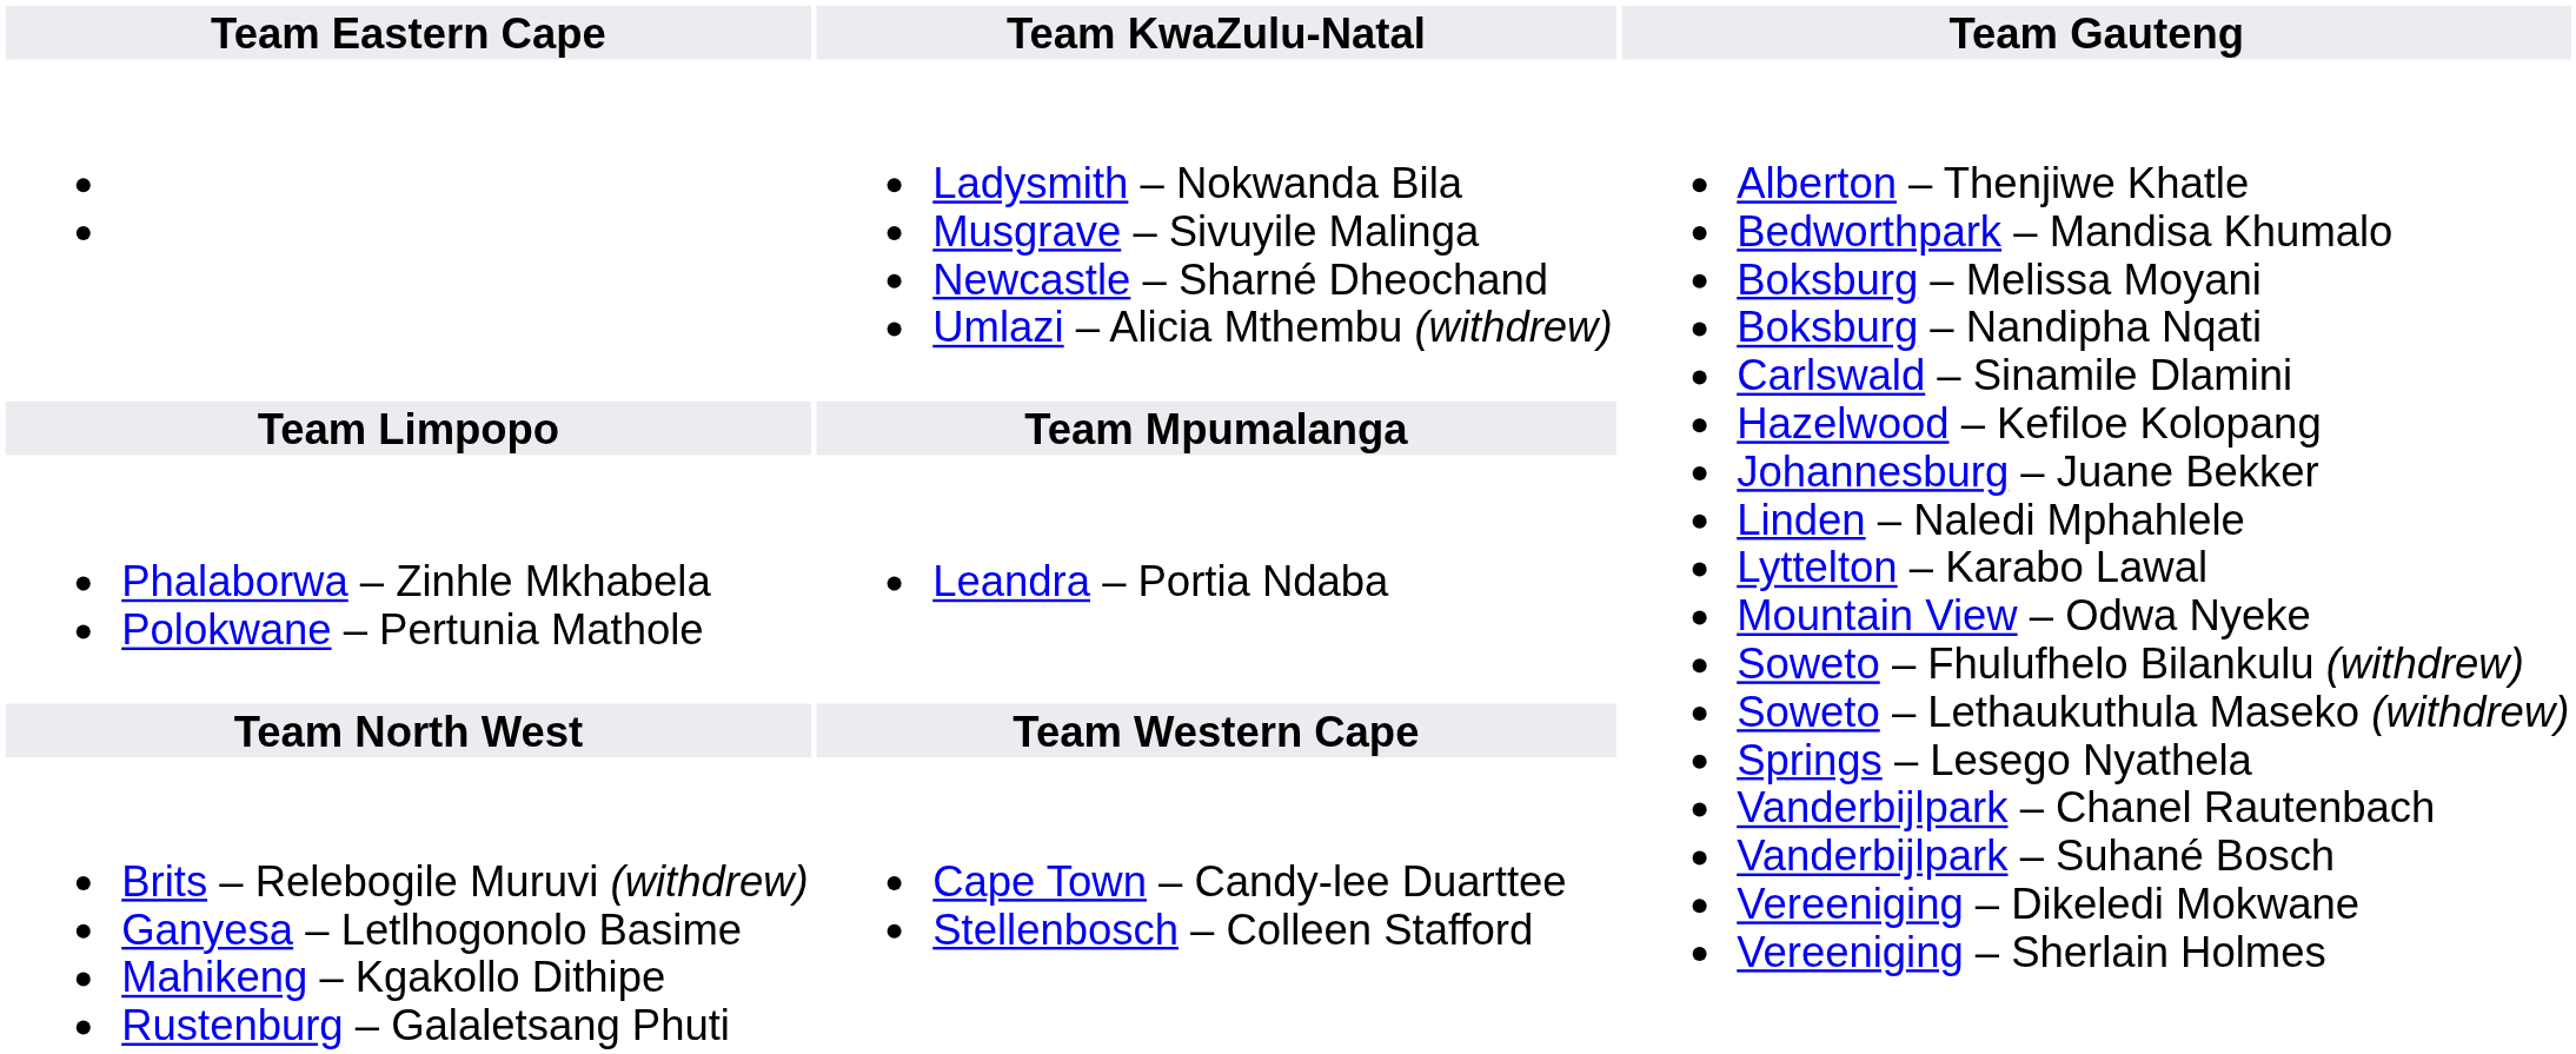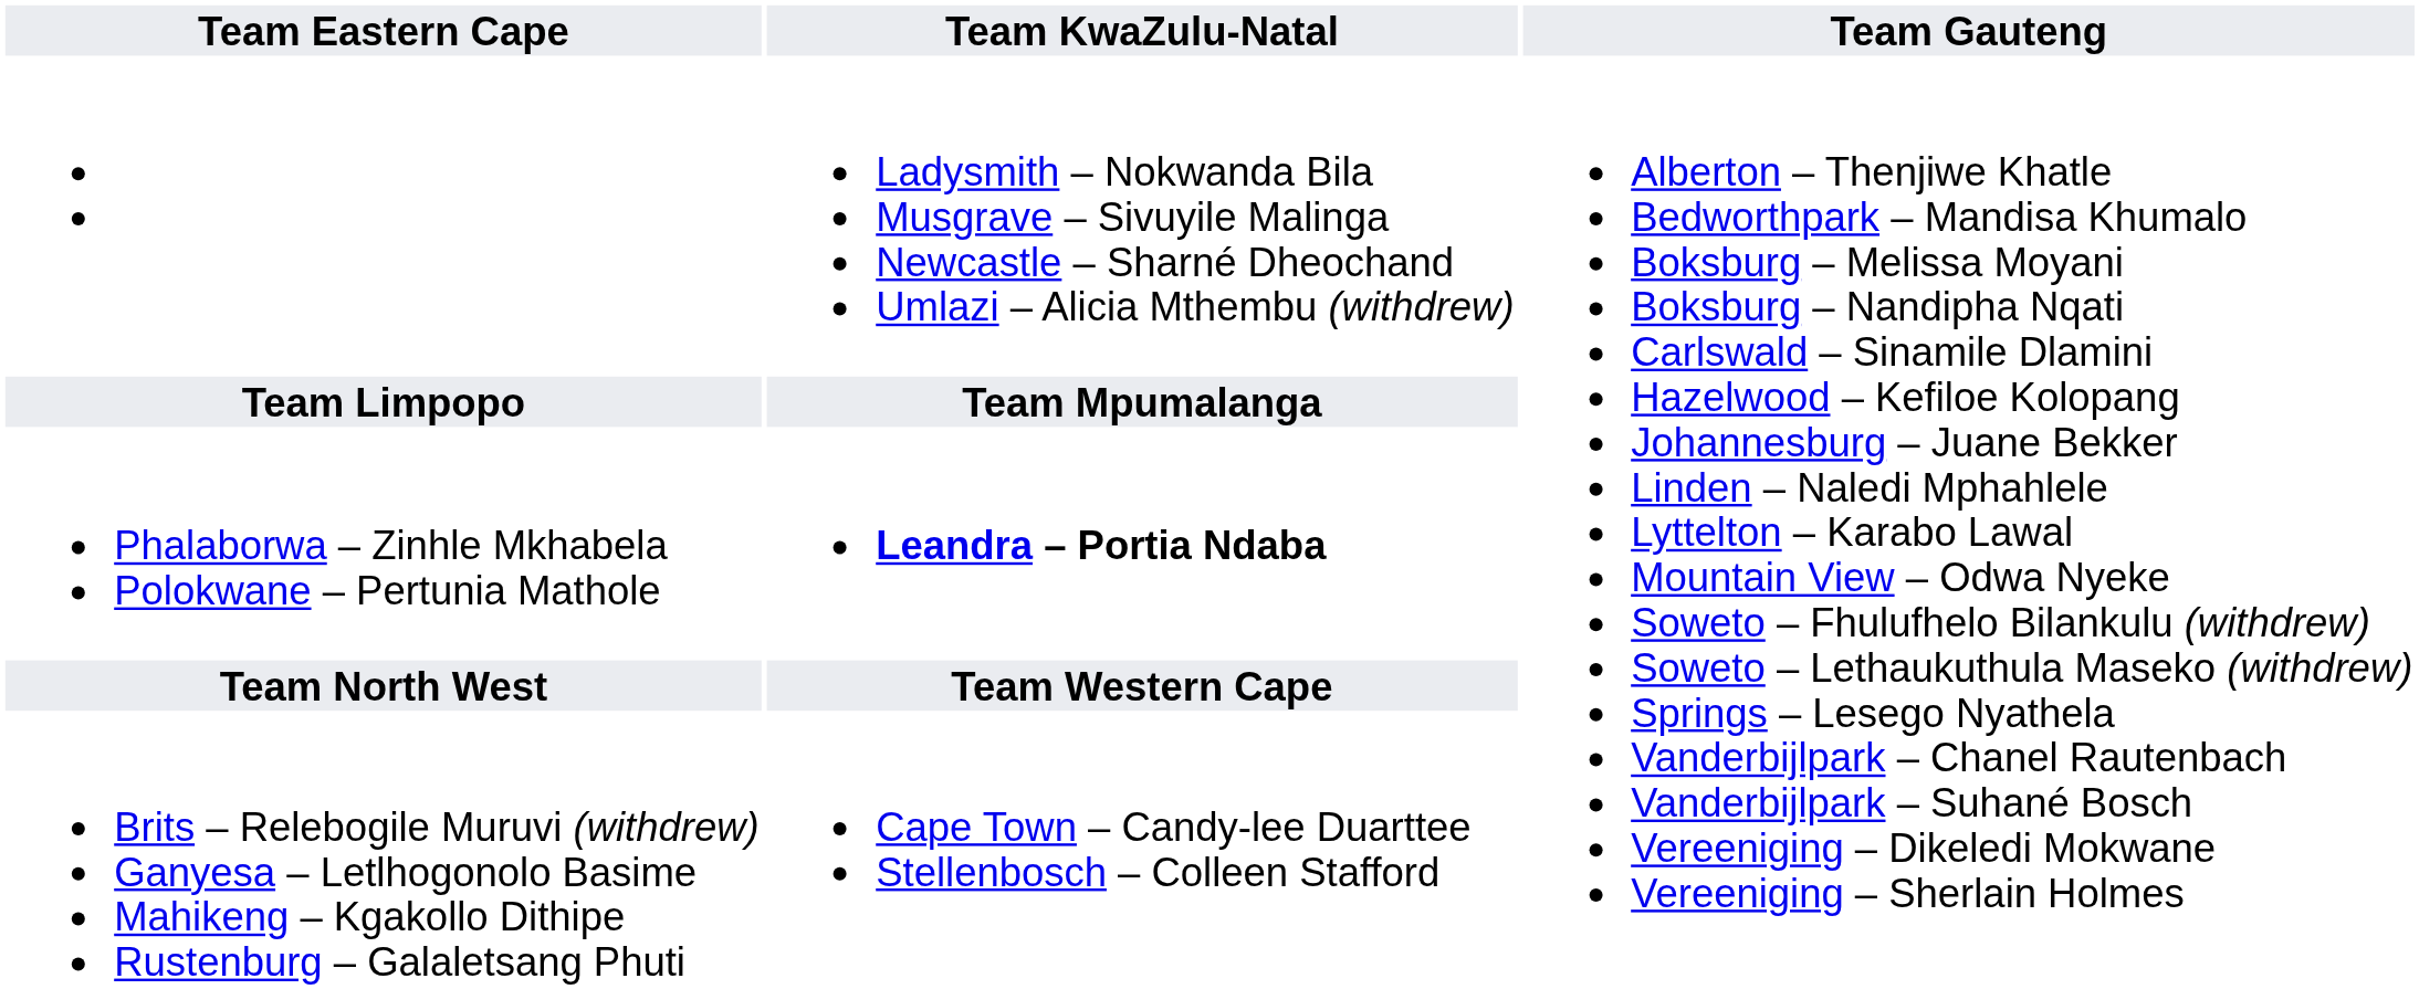 <table style="font-size: 95%";>
 <tr>
 <th bgcolor=#eaecf0>Team Eastern Cape</th>
 <th bgcolor=#eaecf0>Team KwaZulu-Natal</th>
 <th bgcolor=#eaecf0>Team Gauteng</th>
 </tr>
 <tr style="vertical-align: top;"|>
 <td><br><ul><li></li><li></li></ul></td>
 <td><br><ul><li><a href='#'>Ladysmith</a> – Nokwanda Bila</li><li><a href='#'>Musgrave</a> – Sivuyile Malinga</li><li><a href='#'>Newcastle</a> – Sharné Dheochand</li><li><a href='#'>Umlazi</a> – Alicia Mthembu <em>(withdrew)</em></li></ul></td>
 <td rowspan=5><br><ul><li><a href='#'>Alberton</a> – Thenjiwe Khatle</li><li><a href='#'>Bedworthpark</a> – Mandisa Khumalo</li><li><a href='#'>Boksburg</a> – Melissa Moyani</li><li><a href='#'>Boksburg</a> – Nandipha Nqati</li><li><a href='#'>Carlswald</a> – Sinamile Dlamini</li><li><a href='#'>Hazelwood</a> – Kefiloe Kolopang</li><li><a href='#'>Johannesburg</a> – Juane Bekker</li><li><a href='#'>Linden</a> – Naledi Mphahlele</li><li><a href='#'>Lyttelton</a> – Karabo Lawal</li><li><a href='#'>Mountain View</a> – Odwa Nyeke</li><li><a href='#'>Soweto</a> – Fhulufhelo Bilankulu  <em>(withdrew)</em></li><li><a href='#'>Soweto</a> – Lethaukuthula Maseko <em>(withdrew)</em></li><li><a href='#'>Springs</a> – Lesego Nyathela</li><li><a href='#'>Vanderbijlpark</a> – Chanel Rautenbach</li><li><a href='#'>Vanderbijlpark</a> – Suhané Bosch</li><li><a href='#'>Vereeniging</a> – Dikeledi Mokwane</li><li><a href='#'>Vereeniging</a> – Sherlain Holmes</li></ul></td>
 </tr>
 <tr>
 <th bgcolor=#eaecf0>Team Limpopo</th>
 <th bgcolor=#eaecf0>Team Mpumalanga</th>
 </tr>
 <tr style="vertical-align: top;"|>
 <td><br><ul><li><a href='#'>Phalaborwa</a> – Zinhle Mkhabela</li><li><a href='#'>Polokwane</a> – Pertunia Mathole</li></ul></td>
-<td><br><ul><li><a href='#'>Leandra</a> – Portia Ndaba</li></ul></td>
+<td><strong><br><ul><li><a href='#'>Leandra</a> – Portia Ndaba</li></ul></strong></td>
 </tr>
 <tr>
 <th bgcolor=#eaecf0>Team North West</th>
 <th bgcolor=#eaecf0>Team Western Cape</th>
 </tr>
 <tr style="vertical-align: top;"|>
 <td><br><ul><li><a href='#'>Brits</a> – Relebogile Muruvi <em>(withdrew)</em></li><li><a href='#'>Ganyesa</a> – Letlhogonolo Basime</li><li><a href='#'>Mahikeng</a> – Kgakollo Dithipe</li><li><a href='#'>Rustenburg</a> – Galaletsang Phuti</li></ul></td>
 <td><br><ul><li><a href='#'>Cape Town</a> – Candy-lee Duarttee</li><li><a href='#'>Stellenbosch</a> – Colleen Stafford</li></ul></td>
 </tr>
 </table>
